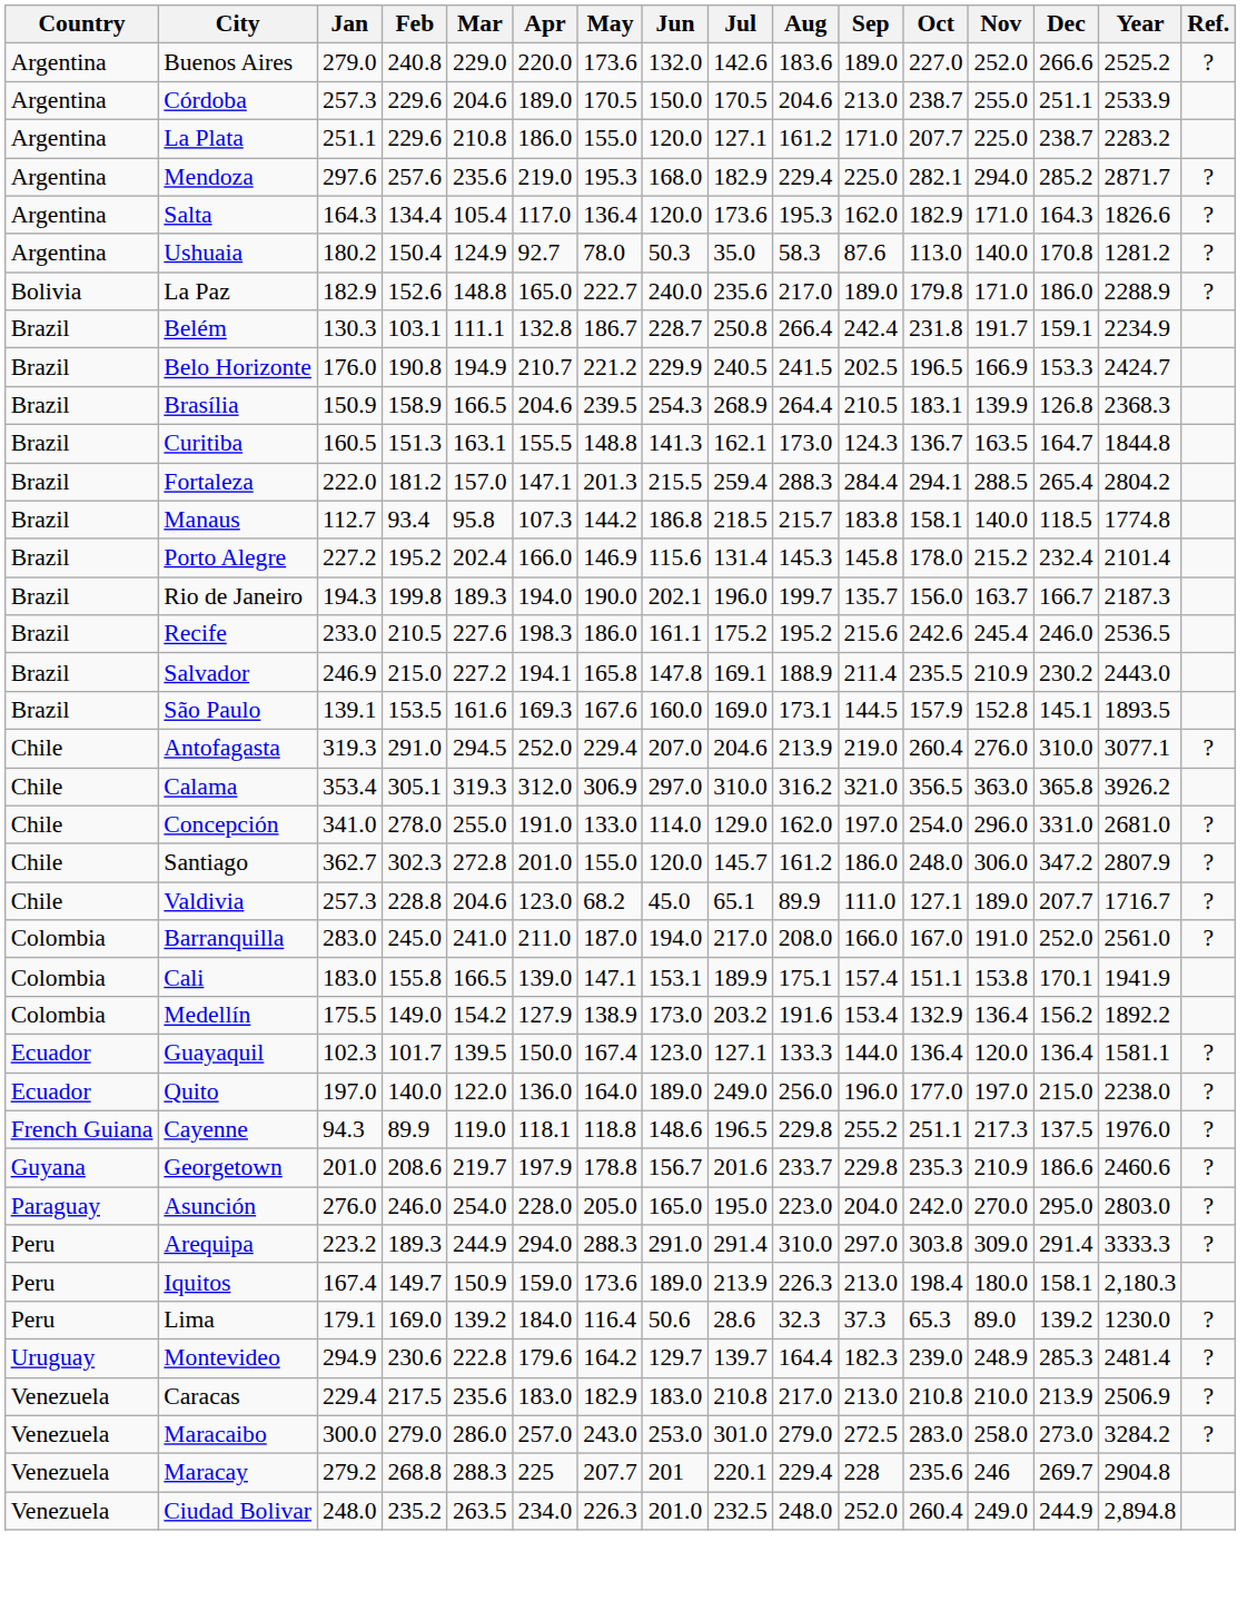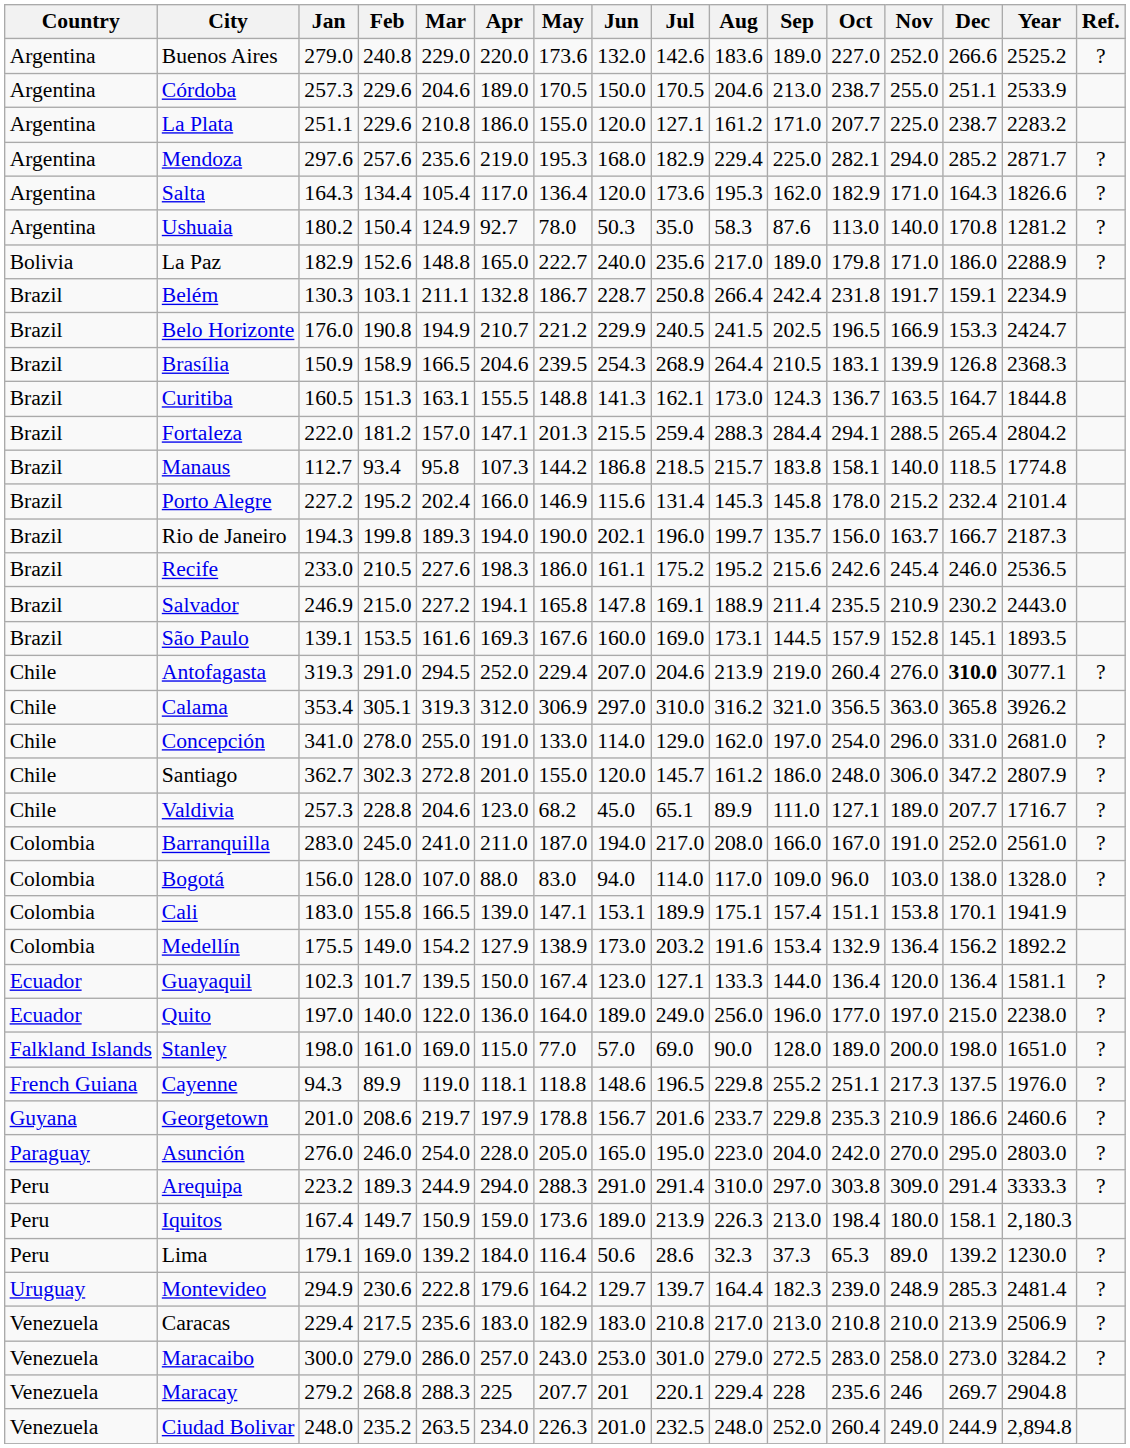 <table class="wikitable sortable sticky-header">
 <tr style="vertical-align:top">
 <th>Country</th>
 <th>City</th>
 <th>Jan</th>
 <th>Feb</th>
 <th>Mar</th>
 <th>Apr</th>
 <th>May</th>
 <th>Jun</th>
 <th>Jul</th>
 <th>Aug</th>
 <th>Sep</th>
 <th>Oct</th>
 <th>Nov</th>
 <th>Dec</th>
 <th>Year</th>
 <th>Ref.</th>
 </tr>
 <tr>
 <td style="text-align:left;">Argentina</td>
 <td style="text-align:left;">Buenos Aires</td>
 <td>279.0</td>
 <td>240.8</td>
 <td>229.0</td>
 <td>220.0</td>
 <td>173.6</td>
 <td>132.0</td>
 <td>142.6</td>
 <td>183.6</td>
 <td>189.0</td>
 <td>227.0</td>
 <td>252.0</td>
 <td>266.6</td>
 <td>2525.2</td>
 <td style="text-align:center;">?</td>
 </tr>
 <tr>
 <td style="text-align:left;">Argentina</td>
 <td style="text-align:left;"><a href='#'>Córdoba</a></td>
 <td>257.3</td>
 <td>229.6</td>
 <td>204.6</td>
 <td>189.0</td>
 <td>170.5</td>
 <td>150.0</td>
 <td>170.5</td>
 <td>204.6</td>
 <td>213.0</td>
 <td>238.7</td>
 <td>255.0</td>
 <td>251.1</td>
 <td>2533.9</td>
 <td style="text-align:center;"></td>
 </tr>
 <tr>
 <td style="text-align:left;">Argentina</td>
 <td style="text-align:left;"><a href='#'>La Plata</a></td>
 <td>251.1</td>
 <td>229.6</td>
 <td>210.8</td>
 <td>186.0</td>
 <td>155.0</td>
 <td>120.0</td>
 <td>127.1</td>
 <td>161.2</td>
 <td>171.0</td>
 <td>207.7</td>
 <td>225.0</td>
 <td>238.7</td>
 <td>2283.2</td>
 <td style="text-align:center;"></td>
 </tr>
 <tr>
 <td style="text-align:left;">Argentina</td>
 <td style="text-align:left;"><a href='#'>Mendoza</a></td>
 <td>297.6</td>
 <td>257.6</td>
 <td>235.6</td>
 <td>219.0</td>
 <td>195.3</td>
 <td>168.0</td>
 <td>182.9</td>
 <td>229.4</td>
 <td>225.0</td>
 <td>282.1</td>
 <td>294.0</td>
 <td>285.2</td>
 <td>2871.7</td>
 <td style="text-align:center;">?</td>
 </tr>
 <tr>
 <td style="text-align:left;">Argentina</td>
 <td style="text-align:left;"><a href='#'>Salta</a></td>
 <td>164.3</td>
 <td>134.4</td>
 <td>105.4</td>
 <td>117.0</td>
 <td>136.4</td>
 <td>120.0</td>
 <td>173.6</td>
 <td>195.3</td>
 <td>162.0</td>
 <td>182.9</td>
 <td>171.0</td>
 <td>164.3</td>
 <td>1826.6</td>
 <td style="text-align:center;">?</td>
 </tr>
 <tr>
 <td style="text-align:left;">Argentina</td>
 <td style="text-align:left;"><a href='#'>Ushuaia</a></td>
 <td>180.2</td>
 <td>150.4</td>
 <td>124.9</td>
 <td>92.7</td>
 <td>78.0</td>
 <td>50.3</td>
 <td>35.0</td>
 <td>58.3</td>
 <td>87.6</td>
 <td>113.0</td>
 <td>140.0</td>
 <td>170.8</td>
 <td>1281.2</td>
 <td style="text-align:center;">?</td>
 </tr>
 <tr>
 <td style="text-align:left;">Bolivia</td>
 <td style="text-align:left;">La Paz</td>
 <td>182.9</td>
 <td>152.6</td>
 <td>148.8</td>
 <td>165.0</td>
 <td>222.7</td>
 <td>240.0</td>
 <td>235.6</td>
 <td>217.0</td>
 <td>189.0</td>
 <td>179.8</td>
 <td>171.0</td>
 <td>186.0</td>
 <td>2288.9</td>
 <td style="text-align:center;">?</td>
 </tr>
 <tr>
 <td style="text-align:left;">Brazil</td>
 <td style="text-align:left;"><a href='#'>Belém</a></td>
 <td>130.3</td>
 <td>103.1</td>
-<td>111.1</td>
+<td>211.1</td>
 <td>132.8</td>
 <td>186.7</td>
 <td>228.7</td>
 <td>250.8</td>
 <td>266.4</td>
 <td>242.4</td>
 <td>231.8</td>
 <td>191.7</td>
 <td>159.1</td>
 <td>2234.9</td>
 <td style="text-align:center;"></td>
 </tr>
 <tr>
 <td style="text-align:left;">Brazil</td>
 <td style="text-align:left;"><a href='#'>Belo Horizonte</a></td>
 <td>176.0</td>
 <td>190.8</td>
 <td>194.9</td>
 <td>210.7</td>
 <td>221.2</td>
 <td>229.9</td>
 <td>240.5</td>
 <td>241.5</td>
 <td>202.5</td>
 <td>196.5</td>
 <td>166.9</td>
 <td>153.3</td>
 <td>2424.7</td>
 <td style="text-align:center;"></td>
 </tr>
 <tr>
 <td style="text-align:left;">Brazil</td>
 <td style="text-align:left;"><a href='#'>Brasília</a></td>
 <td>150.9</td>
 <td>158.9</td>
 <td>166.5</td>
 <td>204.6</td>
 <td>239.5</td>
 <td>254.3</td>
 <td>268.9</td>
 <td>264.4</td>
 <td>210.5</td>
 <td>183.1</td>
 <td>139.9</td>
 <td>126.8</td>
 <td>2368.3</td>
 <td style="text-align:center;"></td>
 </tr>
 <tr>
 <td style="text-align:left;">Brazil</td>
 <td style="text-align:left;"><a href='#'>Curitiba</a></td>
 <td>160.5</td>
 <td>151.3</td>
 <td>163.1</td>
 <td>155.5</td>
 <td>148.8</td>
 <td>141.3</td>
 <td>162.1</td>
 <td>173.0</td>
 <td>124.3</td>
 <td>136.7</td>
 <td>163.5</td>
 <td>164.7</td>
 <td>1844.8</td>
 <td style="text-align:center;"></td>
 </tr>
 <tr>
 <td style="text-align:left;">Brazil</td>
 <td style="text-align:left;"><a href='#'>Fortaleza</a></td>
 <td>222.0</td>
 <td>181.2</td>
 <td>157.0</td>
 <td>147.1</td>
 <td>201.3</td>
 <td>215.5</td>
 <td>259.4</td>
 <td>288.3</td>
 <td>284.4</td>
 <td>294.1</td>
 <td>288.5</td>
 <td>265.4</td>
 <td>2804.2</td>
 <td style="text-align:center;"></td>
 </tr>
 <tr>
 <td style="text-align:left;">Brazil</td>
 <td style="text-align:left;"><a href='#'>Manaus</a></td>
 <td>112.7</td>
 <td>93.4</td>
 <td>95.8</td>
 <td>107.3</td>
 <td>144.2</td>
 <td>186.8</td>
 <td>218.5</td>
 <td>215.7</td>
 <td>183.8</td>
 <td>158.1</td>
 <td>140.0</td>
 <td>118.5</td>
 <td>1774.8</td>
 <td style="text-align:center;"></td>
 </tr>
 <tr>
 <td style="text-align:left;">Brazil</td>
 <td style="text-align:left;"><a href='#'>Porto Alegre</a></td>
 <td>227.2</td>
 <td>195.2</td>
 <td>202.4</td>
 <td>166.0</td>
 <td>146.9</td>
 <td>115.6</td>
 <td>131.4</td>
 <td>145.3</td>
 <td>145.8</td>
 <td>178.0</td>
 <td>215.2</td>
 <td>232.4</td>
 <td>2101.4</td>
 <td style="text-align:center;"></td>
 </tr>
 <tr>
 <td style="text-align:left;">Brazil</td>
 <td style="text-align:left;">Rio de Janeiro</td>
 <td>194.3</td>
 <td>199.8</td>
 <td>189.3</td>
 <td>194.0</td>
 <td>190.0</td>
 <td>202.1</td>
 <td>196.0</td>
 <td>199.7</td>
 <td>135.7</td>
 <td>156.0</td>
 <td>163.7</td>
 <td>166.7</td>
 <td>2187.3</td>
 <td style="text-align:center;"></td>
 </tr>
 <tr>
 <td style="text-align:left;">Brazil</td>
 <td style="text-align:left;"><a href='#'>Recife</a></td>
 <td>233.0</td>
 <td>210.5</td>
 <td>227.6</td>
 <td>198.3</td>
 <td>186.0</td>
 <td>161.1</td>
 <td>175.2</td>
 <td>195.2</td>
 <td>215.6</td>
 <td>242.6</td>
 <td>245.4</td>
 <td>246.0</td>
 <td>2536.5</td>
 <td style="text-align:center;"></td>
 </tr>
 <tr>
 <td style="text-align:left;">Brazil</td>
 <td style="text-align:left;"><a href='#'>Salvador</a></td>
 <td>246.9</td>
 <td>215.0</td>
 <td>227.2</td>
 <td>194.1</td>
 <td>165.8</td>
 <td>147.8</td>
 <td>169.1</td>
 <td>188.9</td>
 <td>211.4</td>
 <td>235.5</td>
 <td>210.9</td>
 <td>230.2</td>
 <td>2443.0</td>
 <td style="text-align:center;"></td>
 </tr>
 <tr>
 <td style="text-align:left;">Brazil</td>
 <td style="text-align:left;"><a href='#'>São Paulo</a></td>
 <td>139.1</td>
 <td>153.5</td>
 <td>161.6</td>
 <td>169.3</td>
 <td>167.6</td>
 <td>160.0</td>
 <td>169.0</td>
 <td>173.1</td>
 <td>144.5</td>
 <td>157.9</td>
 <td>152.8</td>
 <td>145.1</td>
 <td>1893.5</td>
 <td style="text-align:center;"></td>
 </tr>
 <tr>
 <td style="text-align:left;">Chile</td>
 <td style="text-align:left;"><a href='#'>Antofagasta</a></td>
 <td>319.3</td>
 <td>291.0</td>
 <td>294.5</td>
 <td>252.0</td>
 <td>229.4</td>
 <td>207.0</td>
 <td>204.6</td>
 <td>213.9</td>
 <td>219.0</td>
 <td>260.4</td>
 <td>276.0</td>
-<td>310.0</td>
+<td><strong>310.0</strong></td>
 <td>3077.1</td>
 <td style="text-align:center;">?</td>
 </tr>
 <tr>
 <td style="text-align:left;">Chile</td>
 <td style="text-align:left;"><a href='#'>Calama</a></td>
 <td>353.4</td>
 <td>305.1</td>
 <td>319.3</td>
 <td>312.0</td>
 <td>306.9</td>
 <td>297.0</td>
 <td>310.0</td>
 <td>316.2</td>
 <td>321.0</td>
 <td>356.5</td>
 <td>363.0</td>
 <td>365.8</td>
 <td>3926.2</td>
 <td style="text-align:center;"></td>
 </tr>
 <tr>
 <td style="text-align:left;">Chile</td>
 <td style="text-align:left;"><a href='#'>Concepción</a></td>
 <td>341.0</td>
 <td>278.0</td>
 <td>255.0</td>
 <td>191.0</td>
 <td>133.0</td>
 <td>114.0</td>
 <td>129.0</td>
 <td>162.0</td>
 <td>197.0</td>
 <td>254.0</td>
 <td>296.0</td>
 <td>331.0</td>
 <td>2681.0</td>
 <td style="text-align:center;">?</td>
 </tr>
 <tr>
 <td style="text-align:left;">Chile</td>
 <td style="text-align:left;">Santiago</td>
 <td>362.7</td>
 <td>302.3</td>
 <td>272.8</td>
 <td>201.0</td>
 <td>155.0</td>
 <td>120.0</td>
 <td>145.7</td>
 <td>161.2</td>
 <td>186.0</td>
 <td>248.0</td>
 <td>306.0</td>
 <td>347.2</td>
 <td>2807.9</td>
 <td style="text-align:center;">?</td>
 </tr>
 <tr>
 <td style="text-align:left;">Chile</td>
 <td style="text-align:left;"><a href='#'>Valdivia</a></td>
 <td>257.3</td>
 <td>228.8</td>
 <td>204.6</td>
 <td>123.0</td>
 <td>68.2</td>
 <td>45.0</td>
 <td>65.1</td>
 <td>89.9</td>
 <td>111.0</td>
 <td>127.1</td>
 <td>189.0</td>
 <td>207.7</td>
 <td>1716.7</td>
 <td style="text-align:center;">?</td>
 </tr>
 <tr>
 <td style="text-align:left;">Colombia</td>
 <td style="text-align:left;"><a href='#'>Barranquilla</a></td>
 <td>283.0</td>
 <td>245.0</td>
 <td>241.0</td>
 <td>211.0</td>
 <td>187.0</td>
 <td>194.0</td>
 <td>217.0</td>
 <td>208.0</td>
 <td>166.0</td>
 <td>167.0</td>
 <td>191.0</td>
 <td>252.0</td>
 <td>2561.0</td>
 <td style="text-align:center;">?</td>
 </tr>
 <tr>
 <td style="text-align:left;">Colombia</td>
+<td style="text-align:left;"><a href='#'>Bogotá</a></td>
+<td>156.0</td>
+<td>128.0</td>
+<td>107.0</td>
+<td>88.0</td>
+<td>83.0</td>
+<td>94.0</td>
+<td>114.0</td>
+<td>117.0</td>
+<td>109.0</td>
+<td>96.0</td>
+<td>103.0</td>
+<td>138.0</td>
+<td>1328.0</td>
+<td style="text-align:center;">?</td>
+</tr>
+<tr>
+<td style="text-align:left;">Colombia</td>
 <td style="text-align:left;"><a href='#'>Cali</a></td>
 <td>183.0</td>
 <td>155.8</td>
 <td>166.5</td>
 <td>139.0</td>
 <td>147.1</td>
 <td>153.1</td>
 <td>189.9</td>
 <td>175.1</td>
 <td>157.4</td>
 <td>151.1</td>
 <td>153.8</td>
 <td>170.1</td>
 <td>1941.9</td>
 <td style="text-align:center;"></td>
 </tr>
 <tr>
 <td style="text-align:left;">Colombia</td>
 <td style="text-align:left;"><a href='#'>Medellín</a></td>
 <td>175.5</td>
 <td>149.0</td>
 <td>154.2</td>
 <td>127.9</td>
 <td>138.9</td>
 <td>173.0</td>
 <td>203.2</td>
 <td>191.6</td>
 <td>153.4</td>
 <td>132.9</td>
 <td>136.4</td>
 <td>156.2</td>
 <td>1892.2</td>
 <td style="text-align:center;"></td>
 </tr>
 <tr>
 <td style="text-align:left;"><a href='#'>Ecuador</a></td>
 <td style="text-align:left;"><a href='#'>Guayaquil</a></td>
 <td>102.3</td>
 <td>101.7</td>
 <td>139.5</td>
 <td>150.0</td>
 <td>167.4</td>
 <td>123.0</td>
 <td>127.1</td>
 <td>133.3</td>
 <td>144.0</td>
 <td>136.4</td>
 <td>120.0</td>
 <td>136.4</td>
 <td>1581.1</td>
 <td style="text-align:center;">?</td>
 </tr>
 <tr>
 <td style="text-align:left;"><a href='#'>Ecuador</a></td>
 <td style="text-align:left;"><a href='#'>Quito</a></td>
 <td>197.0</td>
 <td>140.0</td>
 <td>122.0</td>
 <td>136.0</td>
 <td>164.0</td>
 <td>189.0</td>
 <td>249.0</td>
 <td>256.0</td>
 <td>196.0</td>
 <td>177.0</td>
 <td>197.0</td>
 <td>215.0</td>
 <td>2238.0</td>
+<td style="text-align:center;">?</td>
+</tr>
+<tr>
+<td style="text-align:left;"><a href='#'>Falkland Islands</a></td>
+<td style="text-align:left;"><a href='#'>Stanley</a></td>
+<td>198.0</td>
+<td>161.0</td>
+<td>169.0</td>
+<td>115.0</td>
+<td>77.0</td>
+<td>57.0</td>
+<td>69.0</td>
+<td>90.0</td>
+<td>128.0</td>
+<td>189.0</td>
+<td>200.0</td>
+<td>198.0</td>
+<td>1651.0</td>
 <td style="text-align:center;">?</td>
 </tr>
 <tr>
 <td style="text-align:left;"><a href='#'>French Guiana</a></td>
 <td style="text-align:left;"><a href='#'>Cayenne</a></td>
 <td>94.3</td>
 <td>89.9</td>
 <td>119.0</td>
 <td>118.1</td>
 <td>118.8</td>
 <td>148.6</td>
 <td>196.5</td>
 <td>229.8</td>
 <td>255.2</td>
 <td>251.1</td>
 <td>217.3</td>
 <td>137.5</td>
 <td>1976.0</td>
 <td style="text-align:center;">?</td>
 </tr>
 <tr>
 <td style="text-align:left;"><a href='#'>Guyana</a></td>
 <td style="text-align:left;"><a href='#'>Georgetown</a></td>
 <td>201.0</td>
 <td>208.6</td>
 <td>219.7</td>
 <td>197.9</td>
 <td>178.8</td>
 <td>156.7</td>
 <td>201.6</td>
 <td>233.7</td>
 <td>229.8</td>
 <td>235.3</td>
 <td>210.9</td>
 <td>186.6</td>
 <td>2460.6</td>
 <td style="text-align:center;">?</td>
 </tr>
 <tr>
 <td style="text-align:left;"><a href='#'>Paraguay</a></td>
 <td style="text-align:left;"><a href='#'>Asunción</a></td>
 <td>276.0</td>
 <td>246.0</td>
 <td>254.0</td>
 <td>228.0</td>
 <td>205.0</td>
 <td>165.0</td>
 <td>195.0</td>
 <td>223.0</td>
 <td>204.0</td>
 <td>242.0</td>
 <td>270.0</td>
 <td>295.0</td>
 <td>2803.0</td>
 <td style="text-align:center;">?</td>
 </tr>
 <tr>
 <td style="text-align:left;">Peru</td>
 <td style="text-align:left;"><a href='#'>Arequipa</a></td>
 <td>223.2</td>
 <td>189.3</td>
 <td>244.9</td>
 <td>294.0</td>
 <td>288.3</td>
 <td>291.0</td>
 <td>291.4</td>
 <td>310.0</td>
 <td>297.0</td>
 <td>303.8</td>
 <td>309.0</td>
 <td>291.4</td>
 <td>3333.3</td>
 <td style="text-align:center;">?</td>
 </tr>
 <tr>
 <td style="text-align:left;">Peru</td>
 <td style="text-align:left;"><a href='#'>Iquitos</a></td>
 <td>167.4</td>
 <td>149.7</td>
 <td>150.9</td>
 <td>159.0</td>
 <td>173.6</td>
 <td>189.0</td>
 <td>213.9</td>
 <td>226.3</td>
 <td>213.0</td>
 <td>198.4</td>
 <td>180.0</td>
 <td>158.1</td>
 <td>2,180.3</td>
 <td style="text-align:center;"></td>
 </tr>
 <tr>
 <td style="text-align:left;">Peru</td>
 <td style="text-align:left;">Lima</td>
 <td>179.1</td>
 <td>169.0</td>
 <td>139.2</td>
 <td>184.0</td>
 <td>116.4</td>
 <td>50.6</td>
 <td>28.6</td>
 <td>32.3</td>
 <td>37.3</td>
 <td>65.3</td>
 <td>89.0</td>
 <td>139.2</td>
 <td>1230.0</td>
 <td style="text-align:center;">?</td>
 </tr>
 <tr>
 <td style="text-align:left;"><a href='#'>Uruguay</a></td>
 <td style="text-align:left;"><a href='#'>Montevideo</a></td>
 <td>294.9</td>
 <td>230.6</td>
 <td>222.8</td>
 <td>179.6</td>
 <td>164.2</td>
 <td>129.7</td>
 <td>139.7</td>
 <td>164.4</td>
 <td>182.3</td>
 <td>239.0</td>
 <td>248.9</td>
 <td>285.3</td>
 <td>2481.4</td>
 <td style="text-align:center;">?</td>
 </tr>
 <tr>
 <td style="text-align:left;">Venezuela</td>
 <td style="text-align:left;">Caracas</td>
 <td>229.4</td>
 <td>217.5</td>
 <td>235.6</td>
 <td>183.0</td>
 <td>182.9</td>
 <td>183.0</td>
 <td>210.8</td>
 <td>217.0</td>
 <td>213.0</td>
 <td>210.8</td>
 <td>210.0</td>
 <td>213.9</td>
 <td>2506.9</td>
 <td style="text-align:center;">?</td>
 </tr>
 <tr>
 <td style="text-align:left;">Venezuela</td>
 <td style="text-align:left;"><a href='#'>Maracaibo</a></td>
 <td>300.0</td>
 <td>279.0</td>
 <td>286.0</td>
 <td>257.0</td>
 <td>243.0</td>
 <td>253.0</td>
 <td>301.0</td>
 <td>279.0</td>
 <td>272.5</td>
 <td>283.0</td>
 <td>258.0</td>
 <td>273.0</td>
 <td>3284.2</td>
 <td style="text-align:center;">?</td>
 </tr>
 <tr>
 <td style="text-align:left;">Venezuela</td>
 <td style="text-align:left;"><a href='#'>Maracay</a></td>
 <td>279.2</td>
 <td>268.8</td>
 <td>288.3</td>
 <td>225</td>
 <td>207.7</td>
 <td>201</td>
 <td>220.1</td>
 <td>229.4</td>
 <td>228</td>
 <td>235.6</td>
 <td>246</td>
 <td>269.7</td>
 <td>2904.8</td>
 <td style="text-align:center;"></td>
 </tr>
 <tr>
 <td style="text-align:left;">Venezuela</td>
 <td style="text-align:left;"><a href='#'>Ciudad Bolivar</a></td>
 <td>248.0</td>
 <td>235.2</td>
 <td>263.5</td>
 <td>234.0</td>
 <td>226.3</td>
 <td>201.0</td>
 <td>232.5</td>
 <td>248.0</td>
 <td>252.0</td>
 <td>260.4</td>
 <td>249.0</td>
 <td>244.9</td>
 <td>2,894.8</td>
 <td style="text-align:center;"></td>
 </tr>
 </table>
